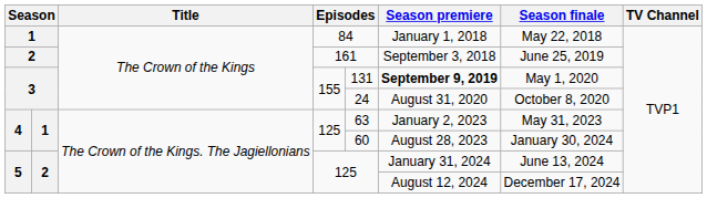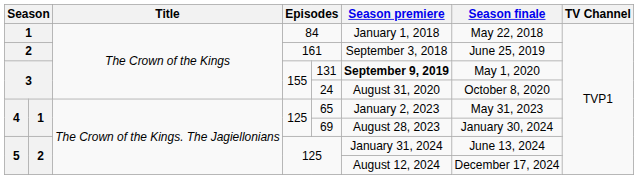 <table class="wikitable" style="text-align:center; font-size:90%">
 <tr>
 <th colspan="2">Season</th>
 <th>Title</th>
 <th colspan="2">Episodes</th>
 <th><a href='#'>Season premiere</a></th>
 <th><a href='#'>Season finale</a></th>
 <th>TV Channel</th>
 </tr>
 <tr>
 <th colspan="2"><strong>1</strong></th>
 <td rowspan="4"><em>The Crown of the Kings</em></td>
 <td colspan="2">84</td>
 <td>January 1, 2018</td>
 <td>May 22, 2018</td>
 <td rowspan="8">TVP1</td>
 </tr>
 <tr>
 <th colspan="2"><strong>2</strong></th>
 <td colspan="2">161</td>
 <td align="center">September 3, 2018</td>
 <td align="center">June 25, 2019</td>
 </tr>
 <tr>
 <th colspan="2" rowspan="2"><strong>3</strong></th>
 <td rowspan="2">155</td>
 <td>131</td>
 <td><strong>September 9, 2019</strong></td>
 <td>May 1, 2020</td>
 </tr>
 <tr>
 <td>24</td>
 <td>August 31, 2020</td>
 <td>October 8, 2020</td>
 </tr>
 <tr>
 <th rowspan="2">4</th>
 <th rowspan="2">1</th>
 <td rowspan="4"><em>The Crown of the Kings. The Jagiellonians</em></td>
 <td rowspan="2">125</td>
-<td>63</td>
+<td>65</td>
 <td>January 2, 2023</td>
 <td>May 31, 2023</td>
 </tr>
 <tr>
-<td>60</td>
+<td>69</td>
 <td>August 28, 2023</td>
 <td>January 30, 2024</td>
 </tr>
 <tr>
 <th rowspan="2">5</th>
 <th rowspan="2">2</th>
 <td colspan="2" rowspan="2">125</td>
 <td>January 31, 2024</td>
 <td>June 13, 2024</td>
 </tr>
 <tr>
 <td>August 12, 2024</td>
 <td>December 17, 2024</td>
 </tr>
 </table>
